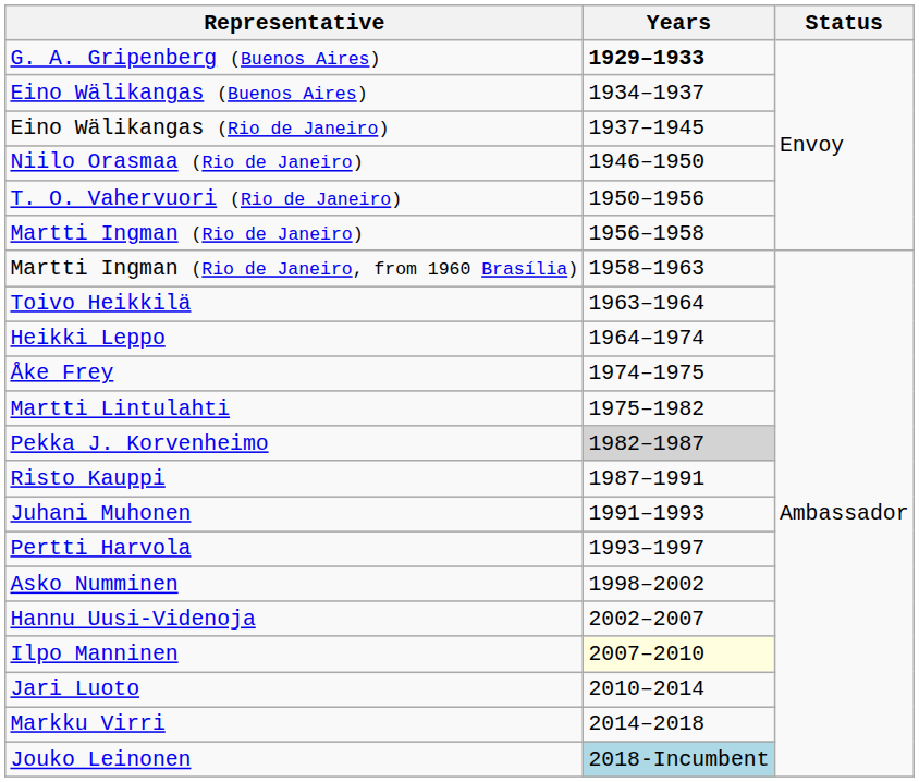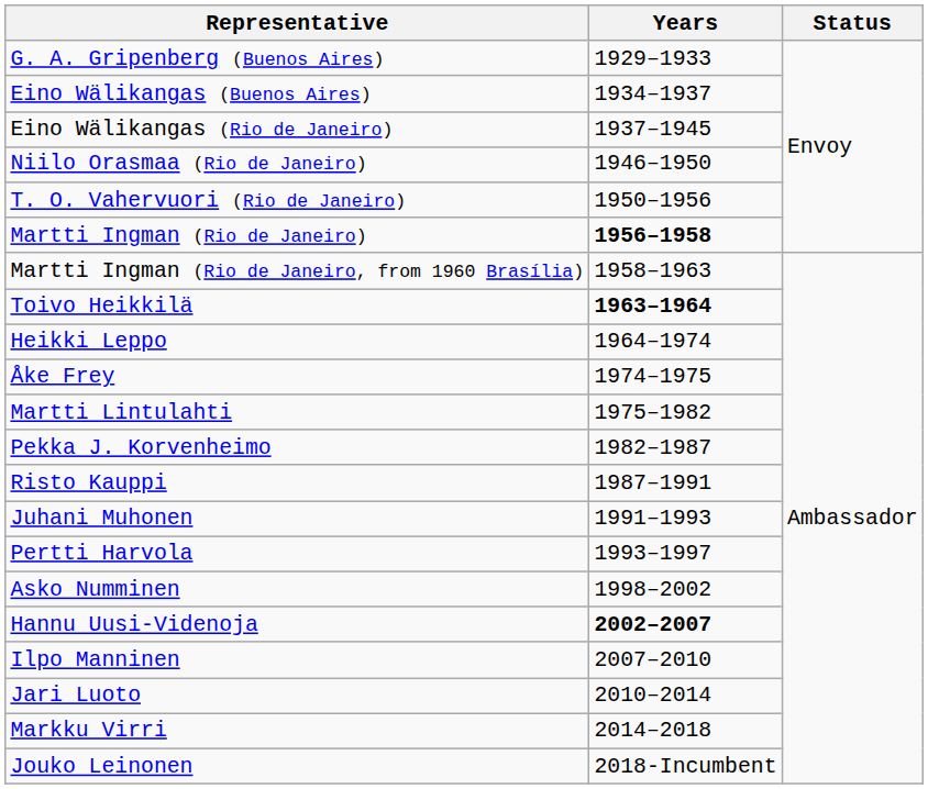 <table class="wikitable sortable">
 <tr>
 <th>Representative</th>
 <th>Years</th>
 <th>Status</th>
 </tr>
 <tr>
 <td><a href='#'>G. A. Gripenberg</a> <small>(<a href='#'>Buenos Aires</a>)</small></td>
-<td><strong>1929–1933</strong></td>
+<td>1929–1933</td>
 <td rowspan="6">Envoy</td>
 </tr>
 <tr>
 <td><a href='#'>Eino Wälikangas</a> <small>(<a href='#'>Buenos Aires</a>)</small></td>
 <td>1934–1937</td>
 </tr>
 <tr>
 <td>Eino Wälikangas <small>(<a href='#'>Rio de Janeiro</a>)</small></td>
 <td>1937–1945</td>
 </tr>
 <tr>
 <td><a href='#'>Niilo Orasmaa</a> <small>(<a href='#'>Rio de Janeiro</a>)</small></td>
 <td>1946–1950</td>
 </tr>
 <tr>
 <td><a href='#'>T. O. Vahervuori</a> <small>(<a href='#'>Rio de Janeiro</a>)</small></td>
 <td>1950–1956</td>
 </tr>
 <tr>
 <td><a href='#'>Martti Ingman</a> <small>(<a href='#'>Rio de Janeiro</a>)</small></td>
-<td>1956–1958</td>
+<td><strong>1956–1958</strong></td>
 </tr>
 <tr>
 <td>Martti Ingman <small>(<a href='#'>Rio de Janeiro</a>, from 1960 <a href='#'>Brasília</a>)</small></td>
 <td>1958–1963</td>
 <td rowspan="15">Ambassador</td>
 </tr>
 <tr>
 <td><a href='#'>Toivo Heikkilä</a></td>
-<td>1963–1964</td>
+<td><strong>1963–1964</strong></td>
 </tr>
 <tr>
 <td><a href='#'>Heikki Leppo</a></td>
 <td>1964–1974</td>
 </tr>
 <tr>
 <td><a href='#'>Åke Frey</a></td>
 <td>1974–1975</td>
 </tr>
 <tr>
 <td><a href='#'>Martti Lintulahti</a></td>
 <td>1975–1982</td>
 </tr>
 <tr>
 <td><a href='#'>Pekka J. Korvenheimo</a></td>
-<td style="background: lightgrey;">1982–1987</td>
+<td>1982–1987</td>
 </tr>
 <tr>
 <td><a href='#'>Risto Kauppi</a></td>
 <td>1987–1991</td>
 </tr>
 <tr>
 <td><a href='#'>Juhani Muhonen</a></td>
 <td>1991–1993</td>
 </tr>
 <tr>
 <td><a href='#'>Pertti Harvola</a></td>
 <td>1993–1997</td>
 </tr>
 <tr>
 <td><a href='#'>Asko Numminen</a></td>
 <td>1998–2002</td>
 </tr>
 <tr>
 <td><a href='#'>Hannu Uusi-Videnoja</a></td>
-<td>2002–2007</td>
+<td><strong>2002–2007</strong></td>
 </tr>
 <tr>
 <td><a href='#'>Ilpo Manninen</a></td>
-<td style="background: lightyellow;">2007–2010</td>
+<td>2007–2010</td>
 </tr>
 <tr>
 <td><a href='#'>Jari Luoto</a></td>
 <td>2010–2014</td>
 </tr>
 <tr>
 <td><a href='#'>Markku Virri</a></td>
 <td>2014–2018</td>
 </tr>
 <tr>
 <td><a href='#'>Jouko Leinonen</a></td>
-<td style="background: lightblue;">2018-Incumbent</td>
+<td>2018-Incumbent</td>
 </tr>
 </table>
